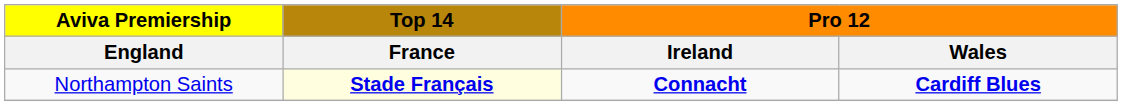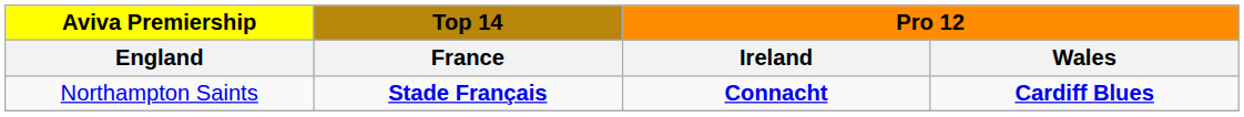 <table class="wikitable" style="margin: 1em auto 1em auto;">
 <tr>
 <th style="background: #ffff00;">Aviva Premiership</th>
 <th style="background: #b8860b;">Top 14</th>
 <th colspan=2 style="background: #ff8c00;">Pro 12</th>
 </tr>
 <tr>
 <th width=15%> England</th>
 <th width=15%> France</th>
 <th width=15%> Ireland</th>
 <th width=15%> Wales</th>
 </tr>
 <tr>
 <td style="text-align: center;"><a href='#'>Northampton Saints</a></td>
-<td style="background: lightyellow; text-align: center;"><strong><a href='#'>Stade Français</a></strong></td>
+<td style="text-align: center;"><strong><a href='#'>Stade Français</a></strong></td>
 <td style="text-align: center;"><strong><a href='#'>Connacht</a></strong></td>
 <td style="text-align: center;"><strong><a href='#'>Cardiff Blues</a></strong></td>
 </tr>
 <tr valign=top>
 </tr>
 </table>
